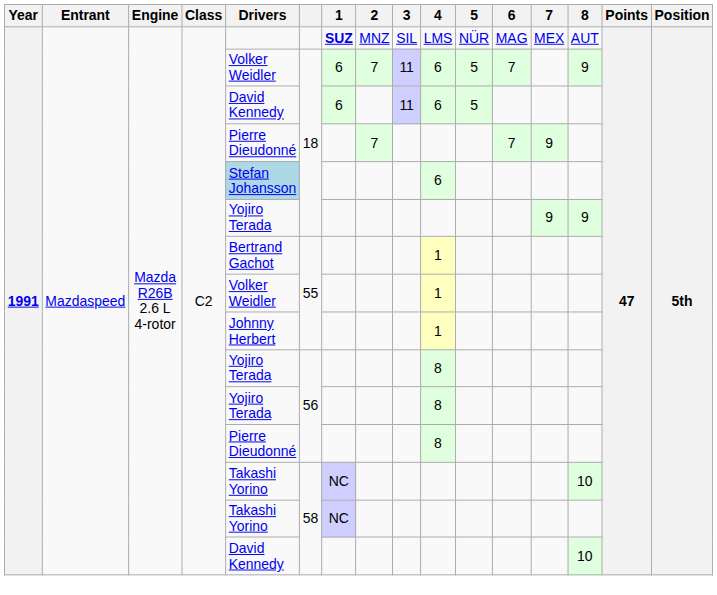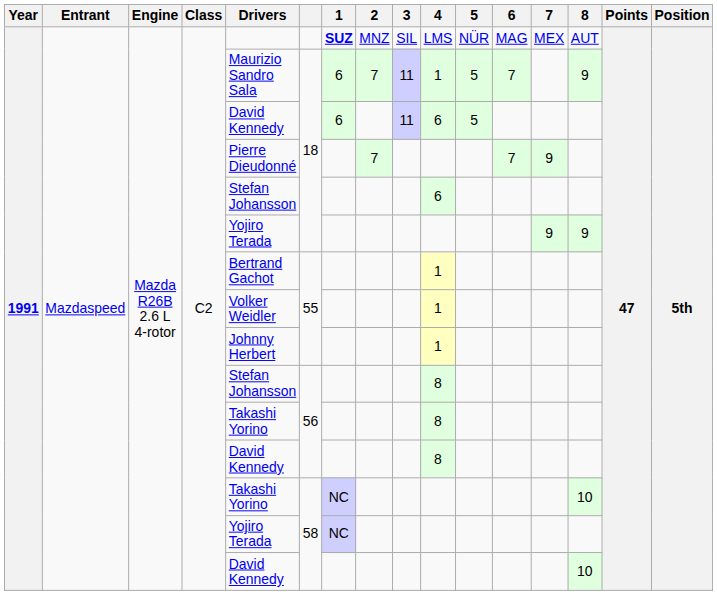 <table class="wikitable" style="text-align:center; font-size:90%">
 <tr>
 <th>Year</th>
 <th>Entrant</th>
 <th>Engine</th>
 <th>Class</th>
 <th>Drivers</th>
 <th></th>
 <th>1</th>
 <th>2</th>
 <th>3</th>
 <th>4</th>
 <th>5</th>
 <th>6</th>
 <th>7</th>
 <th>8</th>
 <th>Points</th>
 <th>Position</th>
 </tr>
 <tr>
 <th rowspan="15"><a href='#'>1991</a></th>
 <td rowspan="15"><a href='#'>Mazdaspeed</a></td>
 <td rowspan="15"><a href='#'>Mazda R26B</a> 2.6 L 4-rotor</td>
 <td rowspan="15">C2</td>
 <td></td>
 <td></td>
 <td><strong><a href='#'>SUZ</a></strong></td>
 <td><a href='#'>MNZ</a></td>
 <td><a href='#'>SIL</a></td>
 <td><a href='#'>LMS</a></td>
 <td><a href='#'>NÜR</a></td>
 <td><a href='#'>MAG</a></td>
 <td><a href='#'>MEX</a></td>
 <td><a href='#'>AUT</a></td>
 <th rowspan="15">47</th>
 <th rowspan="15">5th</th>
 </tr>
 <tr>
-<td align="left"> <a href='#'>Volker Weidler</a></td>
+<td align="left"> <a href='#'>Maurizio Sandro Sala</a></td>
 <td rowspan="5">18</td>
 <td style="background:#DFFFDF;">6</td>
 <td style="background:#DFFFDF;">7</td>
 <td style="background:#CFCFFF;">11</td>
-<td style="background:#DFFFDF;">6</td>
+<td style="background:#DFFFDF;">1</td>
 <td style="background:#DFFFDF;">5</td>
 <td style="background:#DFFFDF;">7</td>
 <td></td>
 <td style="background:#DFFFDF;">9</td>
 </tr>
 <tr>
 <td align="left"> <a href='#'>David Kennedy</a></td>
 <td style="background:#DFFFDF;">6</td>
 <td></td>
 <td style="background:#CFCFFF;">11</td>
 <td style="background:#DFFFDF;">6</td>
 <td style="background:#DFFFDF;">5</td>
 <td></td>
 <td></td>
 <td></td>
 </tr>
 <tr>
 <td align="left"> <a href='#'>Pierre Dieudonné</a></td>
 <td></td>
 <td style="background:#DFFFDF;">7</td>
 <td></td>
 <td></td>
 <td></td>
 <td style="background:#DFFFDF;">7</td>
 <td style="background:#DFFFDF;">9</td>
 <td></td>
 </tr>
 <tr>
-<td align="left" style="background: lightblue;"> <a href='#'>Stefan Johansson</a></td>
+<td align="left"> <a href='#'>Stefan Johansson</a></td>
 <td></td>
 <td></td>
 <td></td>
 <td style="background:#DFFFDF;">6</td>
 <td></td>
 <td></td>
 <td></td>
 <td></td>
 </tr>
 <tr>
 <td align="left"> <a href='#'>Yojiro Terada</a></td>
 <td></td>
 <td></td>
 <td></td>
 <td></td>
 <td></td>
 <td></td>
 <td style="background:#DFFFDF;">9</td>
 <td style="background:#DFFFDF;">9</td>
 </tr>
 <tr>
 <td align="left"> <a href='#'>Bertrand Gachot</a></td>
 <td rowspan="3">55</td>
 <td></td>
 <td></td>
 <td></td>
 <td style="background-color:#ffffbf">1</td>
 <td></td>
 <td></td>
 <td></td>
 <td></td>
 </tr>
 <tr>
 <td align="left"> <a href='#'>Volker Weidler</a></td>
 <td></td>
 <td></td>
 <td></td>
 <td style="background-color:#ffffbf">1</td>
 <td></td>
 <td></td>
 <td></td>
 <td></td>
 </tr>
 <tr>
 <td align="left"> <a href='#'>Johnny Herbert</a></td>
 <td></td>
 <td></td>
 <td></td>
 <td style="background-color:#ffffbf">1</td>
 <td></td>
 <td></td>
 <td></td>
 <td></td>
 </tr>
 <tr>
-<td align="left"> <a href='#'>Yojiro Terada</a></td>
+<td align="left"> <a href='#'>Stefan Johansson</a></td>
 <td rowspan="3">56</td>
 <td></td>
 <td></td>
 <td></td>
 <td style="background:#DFFFDF;">8</td>
 <td></td>
 <td></td>
 <td></td>
 <td></td>
 </tr>
 <tr>
-<td align="left"> <a href='#'>Yojiro Terada</a></td>
+<td align="left"> <a href='#'>Takashi Yorino</a></td>
 <td></td>
 <td></td>
 <td></td>
 <td style="background:#DFFFDF;">8</td>
 <td></td>
 <td></td>
 <td></td>
 <td></td>
 </tr>
 <tr>
-<td align="left"> <a href='#'>Pierre Dieudonné</a></td>
+<td align="left"> <a href='#'>David Kennedy</a></td>
 <td></td>
 <td></td>
 <td></td>
 <td style="background:#DFFFDF;">8</td>
 <td></td>
 <td></td>
 <td></td>
 <td></td>
 </tr>
 <tr>
 <td align="left"> <a href='#'>Takashi Yorino</a></td>
 <td rowspan="3">58</td>
 <td style="background:#CFCFFF;">NC</td>
 <td></td>
 <td></td>
 <td></td>
 <td></td>
 <td></td>
 <td></td>
 <td style="background:#DFFFDF;">10</td>
 </tr>
 <tr>
-<td align="left"> <a href='#'>Takashi Yorino</a></td>
+<td align="left"> <a href='#'>Yojiro Terada</a></td>
 <td style="background:#CFCFFF;">NC</td>
 <td></td>
 <td></td>
 <td></td>
 <td></td>
 <td></td>
 <td></td>
 <td></td>
 </tr>
 <tr>
 <td align="left"> <a href='#'>David Kennedy</a></td>
 <td></td>
 <td></td>
 <td></td>
 <td></td>
 <td></td>
 <td></td>
 <td></td>
 <td style="background:#DFFFDF;">10</td>
 </tr>
 </table>
